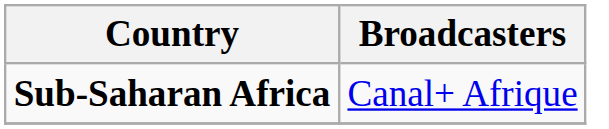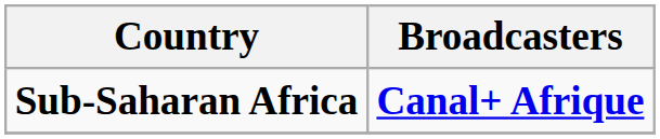 <table class="wikitable" border="2">
 <tr>
 <th>Country</th>
 <th>Broadcasters</th>
 </tr>
 <tr>
 <td><strong>Sub-Saharan Africa</strong></td>
-<td><a href='#'>Canal+ Afrique</a></td>
+<td><strong><a href='#'>Canal+ Afrique</a></strong></td>
 </tr>
 <tr>
 </tr>
 </table>
